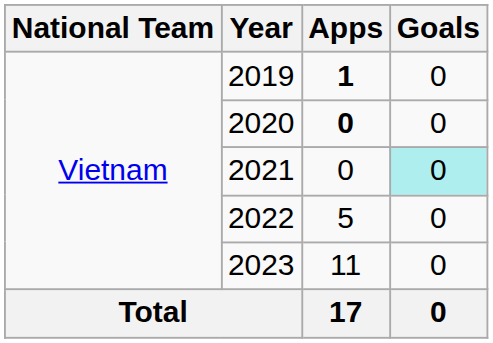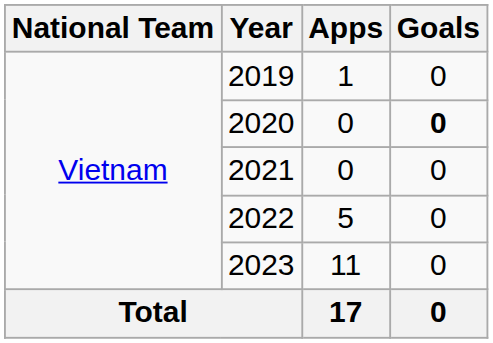 <table class="wikitable" style="text-align:center">
 <tr>
 <th>National Team</th>
 <th>Year</th>
 <th>Apps</th>
 <th>Goals</th>
 </tr>
 <tr>
 <td rowspan="5"><a href='#'>Vietnam</a></td>
 <td>2019</td>
-<td><strong>1</strong></td>
+<td>1</td>
 <td>0</td>
 </tr>
 <tr>
 <td>2020</td>
+<td>0</td>
 <td><strong>0</strong></td>
-<td>0</td>
 </tr>
 <tr>
 <td>2021</td>
 <td>0</td>
-<td style="background: paleturquoise;">0</td>
+<td>0</td>
 </tr>
 <tr>
 <td>2022</td>
 <td>5</td>
 <td>0</td>
 </tr>
 <tr>
 <td>2023</td>
 <td>11</td>
 <td>0</td>
 </tr>
 <tr>
 <th colspan=2>Total</th>
 <th>17</th>
 <th>0</th>
 </tr>
 </table>
